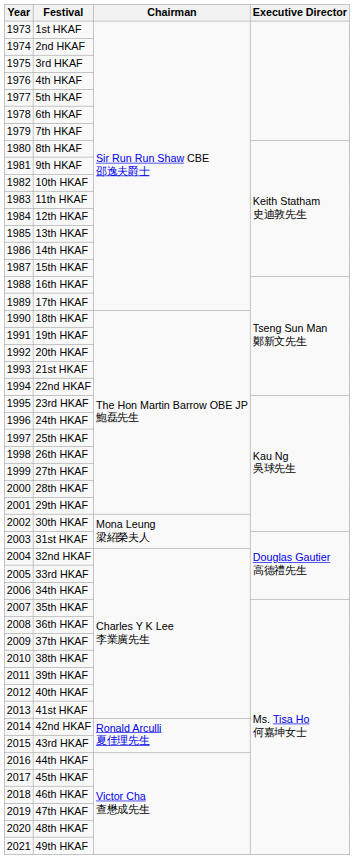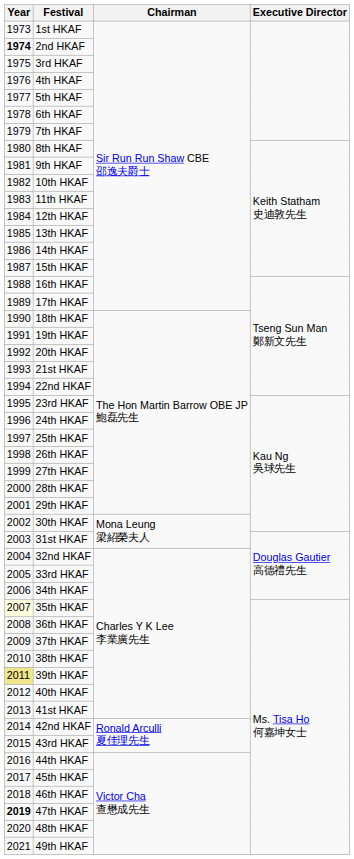 <table class="wikitable">
 <tr>
 <th>Year</th>
 <th>Festival</th>
 <th>Chairman</th>
 <th>Executive Director</th>
 </tr>
 <tr>
 <td>1973</td>
 <td>1st HKAF</td>
 <td rowspan="17"><a href='#'>Sir Run Run Shaw</a> CBE<br><a href='#'>邵逸夫爵士</a></td>
 <td rowspan="7"></td>
 </tr>
 <tr>
-<td>1974</td>
+<td><strong>1974</strong></td>
 <td>2nd HKAF</td>
 </tr>
 <tr>
 <td>1975</td>
 <td>3rd HKAF</td>
 </tr>
 <tr>
 <td>1976</td>
 <td>4th HKAF</td>
 </tr>
 <tr>
 <td>1977</td>
 <td>5th HKAF</td>
 </tr>
 <tr>
 <td>1978</td>
 <td>6th HKAF</td>
 </tr>
 <tr>
 <td>1979</td>
 <td>7th HKAF</td>
 </tr>
 <tr>
 <td>1980</td>
 <td>8th HKAF</td>
 <td rowspan="8">Keith Statham<br>史迪敦先生</td>
 </tr>
 <tr>
 <td>1981</td>
 <td>9th HKAF</td>
 </tr>
 <tr>
 <td>1982</td>
 <td>10th HKAF</td>
 </tr>
 <tr>
 <td>1983</td>
 <td>11th HKAF</td>
 </tr>
 <tr>
 <td>1984</td>
 <td>12th HKAF</td>
 </tr>
 <tr>
 <td>1985</td>
 <td>13th HKAF</td>
 </tr>
 <tr>
 <td>1986</td>
 <td>14th HKAF</td>
 </tr>
 <tr>
 <td>1987</td>
 <td>15th HKAF</td>
 </tr>
 <tr>
 <td>1988</td>
 <td>16th HKAF</td>
 <td rowspan="7">Tseng Sun Man<br>鄭新文先生</td>
 </tr>
 <tr>
 <td>1989</td>
 <td>17th HKAF</td>
 </tr>
 <tr>
 <td>1990</td>
 <td>18th HKAF</td>
 <td rowspan="12">The Hon Martin Barrow OBE JP<br>鮑磊先生</td>
 </tr>
 <tr>
 <td>1991</td>
 <td>19th HKAF</td>
 </tr>
 <tr>
 <td>1992</td>
 <td>20th HKAF</td>
 </tr>
 <tr>
 <td>1993</td>
 <td>21st HKAF</td>
 </tr>
 <tr>
 <td>1994</td>
 <td>22nd HKAF</td>
 </tr>
 <tr>
 <td>1995</td>
 <td>23rd HKAF</td>
 <td rowspan="8">Kau Ng<br>吳球先生</td>
 </tr>
 <tr>
 <td>1996</td>
 <td>24th HKAF</td>
 </tr>
 <tr>
 <td>1997</td>
 <td>25th HKAF</td>
 </tr>
 <tr>
 <td>1998</td>
 <td>26th HKAF</td>
 </tr>
 <tr>
 <td>1999</td>
 <td>27th HKAF</td>
 </tr>
 <tr>
 <td>2000</td>
 <td>28th HKAF</td>
 </tr>
 <tr>
 <td>2001</td>
 <td>29th HKAF</td>
 </tr>
 <tr>
 <td>2002</td>
 <td>30th HKAF</td>
 <td rowspan="2">Mona Leung<br>梁紹榮夫人</td>
 </tr>
 <tr>
 <td>2003</td>
 <td>31st HKAF</td>
 <td rowspan="4"><a href='#'>Douglas Gautier</a><br>高德禮先生</td>
 </tr>
 <tr>
 <td>2004</td>
 <td>32nd HKAF</td>
 <td rowspan="10">Charles Y K Lee<br>李業廣先生</td>
 </tr>
 <tr>
 <td>2005</td>
 <td>33rd HKAF</td>
 </tr>
 <tr>
 <td>2006</td>
 <td>34th HKAF</td>
 </tr>
 <tr>
-<td>2007</td>
+<td style="background: lightyellow;">2007</td>
 <td>35th HKAF</td>
 <td rowspan="15">Ms. <a href='#'>Tisa Ho</a><br>何嘉坤女士</td>
 </tr>
 <tr>
 <td>2008</td>
 <td>36th HKAF</td>
 </tr>
 <tr>
 <td>2009</td>
 <td>37th HKAF</td>
 </tr>
 <tr>
 <td>2010</td>
 <td>38th HKAF</td>
 </tr>
 <tr>
-<td>2011</td>
+<td style="background: khaki;">2011</td>
 <td>39th HKAF</td>
 </tr>
 <tr>
 <td>2012</td>
 <td>40th HKAF</td>
 </tr>
 <tr>
 <td>2013</td>
 <td>41st HKAF</td>
 </tr>
 <tr>
 <td>2014</td>
 <td>42nd HKAF</td>
 <td rowspan="2"><a href='#'>Ronald Arculli</a><br><a href='#'>夏佳理先生</a></td>
 </tr>
 <tr>
 <td>2015</td>
 <td>43rd HKAF</td>
 </tr>
 <tr>
 <td>2016</td>
 <td>44th HKAF</td>
 <td rowspan="6"><a href='#'>Victor Cha</a><br>查懋成先生</td>
 </tr>
 <tr>
 <td>2017</td>
 <td>45th HKAF</td>
 </tr>
 <tr>
 <td>2018</td>
 <td>46th HKAF</td>
 </tr>
 <tr>
-<td>2019</td>
+<td><strong>2019</strong></td>
 <td>47th HKAF</td>
 </tr>
 <tr>
 <td>2020</td>
 <td>48th HKAF</td>
 </tr>
 <tr>
 <td>2021</td>
 <td>49th HKAF</td>
 </tr>
 </table>
